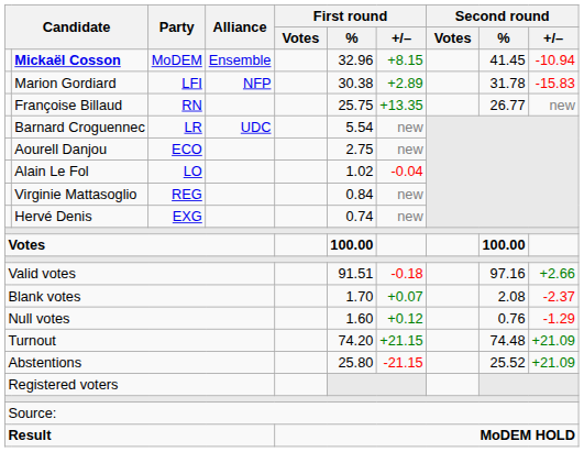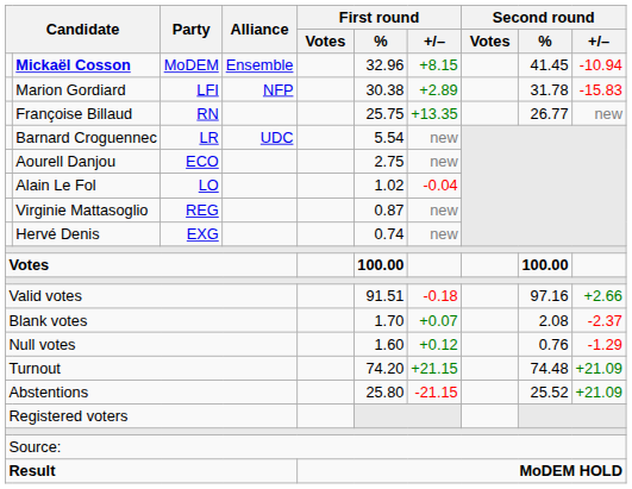 <table class="wikitable" style="text-align:right;font-size:95%;">
 <tr>
 <th rowspan="2" colspan="2">Candidate</th>
 <th colspan="1" rowspan="2">Party</th>
 <th colspan="1" rowspan="2">Alliance</th>
 <th colspan="3">First round</th>
 <th colspan="3">Second round</th>
 </tr>
 <tr>
 <th style="width:50px;">Votes</th>
 <th style="width:45px;">%</th>
 <th style="width:45px;">+/–</th>
 <th style="width:50px;">Votes</th>
 <th style="width:45px;">%</th>
 <th style="width:45px;">+/–</th>
 </tr>
 <tr>
 <td style="background:"></td>
 <td style="text-align:left;"><strong><a href='#'>Mickaël Cosson</a></strong></td>
 <td><a href='#'>MoDEM</a></td>
 <td><a href='#'>Ensemble</a></td>
 <td></td>
 <td>32.96</td>
 <td style="color:green;">+8.15</td>
 <td></td>
 <td>41.45</td>
 <td style="color:red;">-10.94</td>
 </tr>
 <tr>
 <td style="background:"></td>
 <td style="text-align:left;">Marion Gordiard</td>
 <td><a href='#'>LFI</a></td>
 <td><a href='#'>NFP</a></td>
 <td></td>
 <td>30.38</td>
 <td style="color:green;">+2.89</td>
 <td></td>
 <td>31.78</td>
 <td style="color:red;">-15.83</td>
 </tr>
 <tr>
 <td style="background:"></td>
 <td style="text-align:left;">Françoise Billaud</td>
 <td><a href='#'>RN</a></td>
 <td></td>
 <td></td>
 <td>25.75</td>
 <td style="color:green;">+13.35</td>
 <td></td>
 <td>26.77</td>
 <td style="color:grey;">new</td>
 </tr>
 <tr>
 <td style="background:"></td>
 <td style="text-align:left;">Barnard Croguennec</td>
 <td><a href='#'>LR</a></td>
 <td><a href='#'>UDC</a></td>
 <td></td>
 <td>5.54</td>
 <td style="color:grey;">new</td>
 <td colspan="3" rowspan="5" style="background:#E9E9E9;"></td>
 </tr>
 <tr>
 <td style="background:"></td>
 <td style="text-align:left;">Aourell Danjou</td>
 <td><a href='#'>ECO</a></td>
 <td></td>
 <td></td>
 <td>2.75</td>
 <td style="color:grey;">new</td>
 </tr>
 <tr>
 <td style="background:"></td>
 <td style="text-align:left;">Alain Le Fol</td>
 <td><a href='#'>LO</a></td>
 <td></td>
 <td></td>
 <td>1.02</td>
 <td style="color:red;">-0.04</td>
 </tr>
 <tr>
 <td style="background:"></td>
 <td style="text-align:left;">Virginie Mattasoglio</td>
 <td><a href='#'>REG</a></td>
 <td></td>
 <td></td>
-<td>0.84</td>
+<td>0.87</td>
 <td style="color:grey;">new</td>
 </tr>
 <tr>
 <td style="background:"></td>
 <td style="text-align:left;">Hervé Denis</td>
 <td><a href='#'>EXG</a></td>
 <td></td>
 <td></td>
 <td>0.74</td>
 <td style="color:grey;">new</td>
 </tr>
 <tr>
 <td colspan="10" style="background:#E9E9E9;"></td>
 </tr>
 <tr style="font-weight:bold;">
 <td colspan="4" style="text-align:left;">Votes</td>
 <td></td>
 <td>100.00</td>
 <td></td>
 <td></td>
 <td>100.00</td>
 <td></td>
 </tr>
 <tr>
 <td colspan="10" style="background:#E9E9E9;"></td>
 </tr>
 <tr>
 <td colspan="4" style="text-align:left;">Valid votes</td>
 <td></td>
 <td>91.51</td>
 <td style="color:red;">-0.18</td>
 <td></td>
 <td>97.16</td>
 <td style="color:green;">+2.66</td>
 </tr>
 <tr>
 <td colspan="4" style="text-align:left;">Blank votes</td>
 <td></td>
 <td>1.70</td>
 <td style="color:green;">+0.07</td>
 <td></td>
 <td>2.08</td>
 <td style="color:red;">-2.37</td>
 </tr>
 <tr>
 <td colspan="4" style="text-align:left;">Null votes</td>
 <td></td>
 <td>1.60</td>
 <td style="color:green;">+0.12</td>
 <td></td>
 <td>0.76</td>
 <td style="color:red;">-1.29</td>
 </tr>
 <tr>
 <td colspan="4" style="text-align:left;">Turnout</td>
 <td></td>
 <td>74.20</td>
 <td style="color:green;">+21.15</td>
 <td></td>
 <td>74.48</td>
 <td style="color:green;">+21.09</td>
 </tr>
 <tr>
 <td colspan="4" style="text-align:left;">Abstentions</td>
 <td></td>
 <td>25.80</td>
 <td style="color:red;">-21.15</td>
 <td></td>
 <td>25.52</td>
 <td style="color:green;">+21.09</td>
 </tr>
 <tr>
 <td colspan="4" style="text-align:left;">Registered voters</td>
 <td></td>
 <td colspan="2" style="background:#E9E9E9;"></td>
 <td></td>
 <td colspan="2" style="background:#E9E9E9;"></td>
 </tr>
 <tr>
 <td colspan="10" style="background:#E9E9E9;"></td>
 </tr>
 <tr>
 <td colspan="10" style="text-align:left;">Source: </td>
 </tr>
 <tr style="font-weight:bold">
 <td colspan="4" style="text-align:left;">Result</td>
 <td colspan="6" style="background-color:">MoDEM HOLD</td>
 </tr>
 </table>
